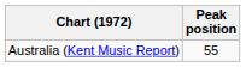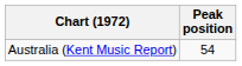 <table class="wikitable">
 <tr>
 <th scope="col">Chart (1972)</th>
 <th>Peak<br>position</th>
 </tr>
 <tr>
 <td>Australia (<a href='#'>Kent Music Report</a>)</td>
-<td style="text-align:center;">55</td>
+<td style="text-align:center;">54</td>
 </tr>
 </table>
